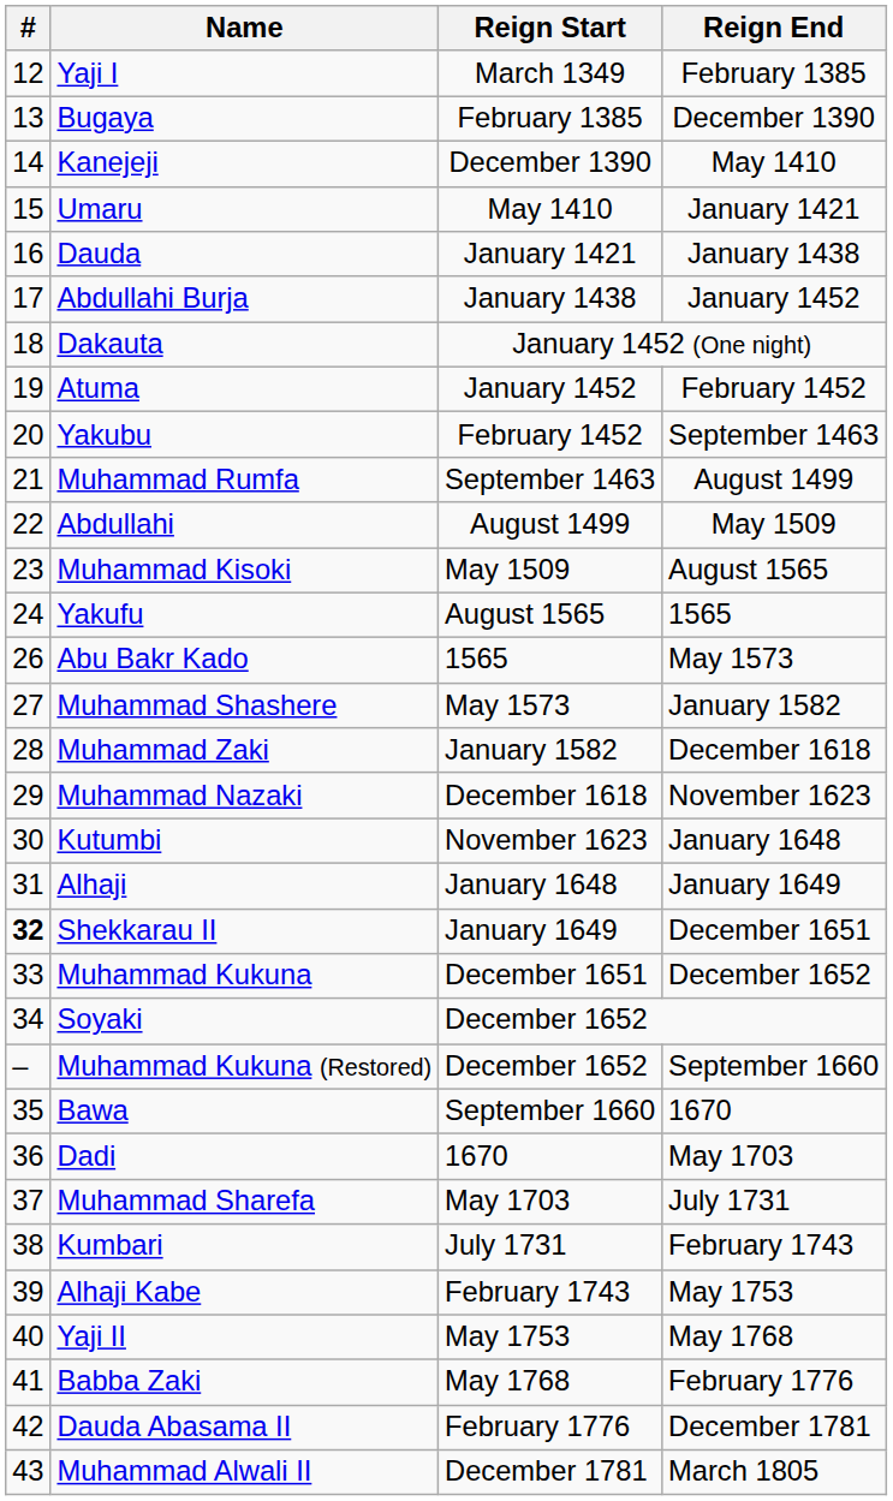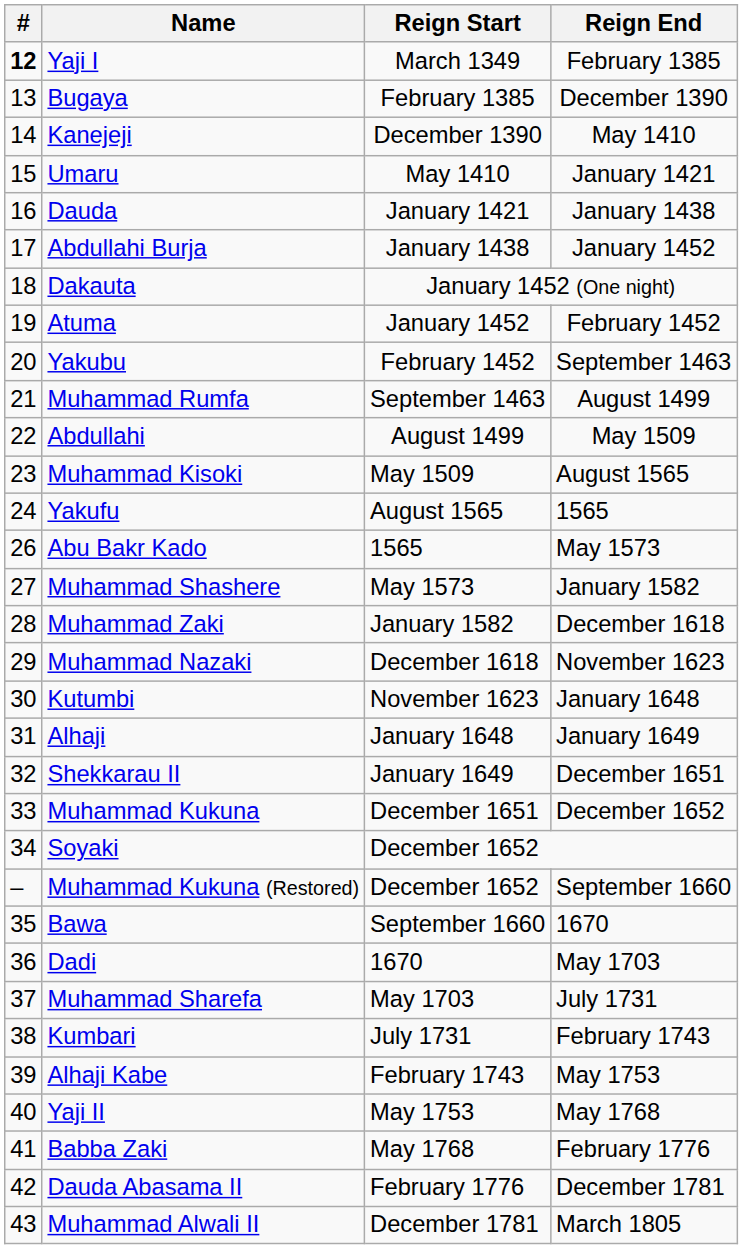 <table class="wikitable">
 <tr>
 <th>#</th>
 <th>Name</th>
 <th>Reign Start</th>
 <th>Reign End</th>
 </tr>
 <tr>
-<td>12</td>
+<td><strong>12</strong></td>
 <td><a href='#'>Yaji I</a></td>
 <td align="center">March 1349</td>
 <td align="center">February 1385</td>
 </tr>
 <tr>
 <td>13</td>
 <td><a href='#'>Bugaya</a></td>
 <td align="center">February 1385</td>
 <td align="center">December 1390</td>
 </tr>
 <tr>
 <td>14</td>
 <td><a href='#'>Kanejeji</a></td>
 <td align="center">December 1390</td>
 <td align="center">May 1410</td>
 </tr>
 <tr>
 <td>15</td>
 <td><a href='#'>Umaru</a></td>
 <td align="center">May 1410</td>
 <td align="center">January 1421</td>
 </tr>
 <tr>
 <td>16</td>
 <td><a href='#'>Dauda</a></td>
 <td align="center">January 1421</td>
 <td align="center">January 1438</td>
 </tr>
 <tr>
 <td>17</td>
 <td><a href='#'>Abdullahi Burja</a></td>
 <td align="center">January 1438</td>
 <td align="center">January 1452</td>
 </tr>
 <tr>
 <td>18</td>
 <td><a href='#'>Dakauta</a></td>
 <td colspan="2" align="center">January 1452 <small>(One night)</small></td>
 </tr>
 <tr>
 <td>19</td>
 <td><a href='#'>Atuma</a></td>
 <td align="center">January 1452</td>
 <td align="center">February 1452</td>
 </tr>
 <tr>
 <td>20</td>
 <td><a href='#'>Yakubu</a></td>
 <td align="center">February 1452</td>
 <td align="center">September 1463</td>
 </tr>
 <tr>
 <td>21</td>
 <td><a href='#'>Muhammad Rumfa</a></td>
 <td align="center">September 1463</td>
 <td align="center">August 1499</td>
 </tr>
 <tr>
 <td>22</td>
 <td><a href='#'>Abdullahi</a></td>
 <td align="center">August 1499</td>
 <td align="center">May 1509</td>
 </tr>
 <tr>
 <td>23</td>
 <td><a href='#'>Muhammad Kisoki</a></td>
 <td>May 1509</td>
 <td>August 1565</td>
 </tr>
 <tr>
 <td>24</td>
 <td><a href='#'>Yakufu</a></td>
 <td>August 1565</td>
 <td>1565</td>
 </tr>
 <tr>
 <td>26</td>
 <td><a href='#'>Abu Bakr Kado</a></td>
 <td>1565</td>
 <td>May 1573</td>
 </tr>
 <tr>
 <td>27</td>
 <td><a href='#'>Muhammad Shashere</a></td>
 <td>May 1573</td>
 <td>January 1582</td>
 </tr>
 <tr>
 <td>28</td>
 <td><a href='#'>Muhammad Zaki</a></td>
 <td>January 1582</td>
 <td>December 1618</td>
 </tr>
 <tr>
 <td>29</td>
 <td><a href='#'>Muhammad Nazaki</a></td>
 <td>December 1618</td>
 <td>November 1623</td>
 </tr>
 <tr>
 <td>30</td>
 <td><a href='#'>Kutumbi</a></td>
 <td>November 1623</td>
 <td>January 1648</td>
 </tr>
 <tr>
 <td>31</td>
 <td><a href='#'>Alhaji</a></td>
 <td>January 1648</td>
 <td>January 1649</td>
 </tr>
 <tr>
-<td><strong>32</strong></td>
+<td>32</td>
 <td><a href='#'>Shekkarau II</a></td>
 <td>January 1649</td>
 <td>December 1651</td>
 </tr>
 <tr>
 <td>33</td>
 <td><a href='#'>Muhammad Kukuna</a></td>
 <td>December 1651</td>
 <td>December 1652</td>
 </tr>
 <tr>
 <td>34</td>
 <td><a href='#'>Soyaki</a></td>
 <td colspan="2">December 1652</td>
 </tr>
 <tr>
 <td>–</td>
 <td><a href='#'>Muhammad Kukuna</a> <small>(Restored)</small></td>
 <td>December 1652</td>
 <td>September 1660</td>
 </tr>
 <tr>
 <td>35</td>
 <td><a href='#'>Bawa</a></td>
 <td>September 1660</td>
 <td>1670</td>
 </tr>
 <tr>
 <td>36</td>
 <td><a href='#'>Dadi</a></td>
 <td>1670</td>
 <td>May 1703</td>
 </tr>
 <tr>
 <td>37</td>
 <td><a href='#'>Muhammad Sharefa</a></td>
 <td>May 1703</td>
 <td>July 1731</td>
 </tr>
 <tr>
 <td>38</td>
 <td><a href='#'>Kumbari</a></td>
 <td>July 1731</td>
 <td>February 1743</td>
 </tr>
 <tr>
 <td>39</td>
 <td><a href='#'>Alhaji Kabe</a></td>
 <td>February 1743</td>
 <td>May 1753</td>
 </tr>
 <tr>
 <td>40</td>
 <td><a href='#'>Yaji II</a></td>
 <td>May 1753</td>
 <td>May 1768</td>
 </tr>
 <tr>
 <td>41</td>
 <td><a href='#'>Babba Zaki</a></td>
 <td>May 1768</td>
 <td>February 1776</td>
 </tr>
 <tr>
 <td>42</td>
 <td><a href='#'>Dauda Abasama II</a></td>
 <td>February 1776</td>
 <td>December 1781</td>
 </tr>
 <tr>
 <td>43</td>
 <td><a href='#'>Muhammad Alwali II</a></td>
 <td>December 1781</td>
 <td>March 1805</td>
 </tr>
 </table>
